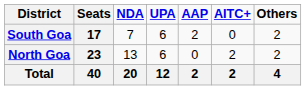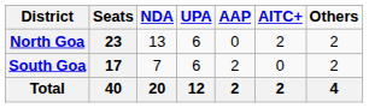 <table class="wikitable sortable" style="text-align:center;">
 <tr>
 <th>District</th>
 <th>Seats</th>
 <td style="text-align:center; background:"><a href='#'><span><strong>NDA</strong></span></a></td>
 <td style="text-align:center; background:"><a href='#'><span><strong>UPA</strong></span></a></td>
 <td style="text-align:center; background:"><a href='#'><span><strong>AAP</strong></span></a></td>
 <td style="text-align:center; background:"><a href='#'><span><strong>AITC+</strong></span></a></td>
 <td><span><strong>Others</strong></span></td>
 </tr>
 <tr>
+<th><a href='#'>North Goa</a></th>
+<th>23</th>
+<td style="background:"><span>13</span></td>
+<td>6</td>
+<td>0</td>
+<td>2</td>
+<td>2</td>
+</tr>
+<tr>
 <th><a href='#'>South Goa</a></th>
 <th>17</th>
 <td style="background:"><span>7</span></td>
 <td>6</td>
 <td>2</td>
 <td>0</td>
-<td>2</td>
-</tr>
-<tr>
-<th><a href='#'>North Goa</a></th>
-<th>23</th>
-<td style="background:"><span>13</span></td>
-<td>6</td>
-<td>0</td>
-<td>2</td>
 <td>2</td>
 </tr>
 <tr>
 <th>Total</th>
 <th>40</th>
 <th>20</th>
 <th>12</th>
 <th>2</th>
 <th>2</th>
 <th>4</th>
 </tr>
 </table>
